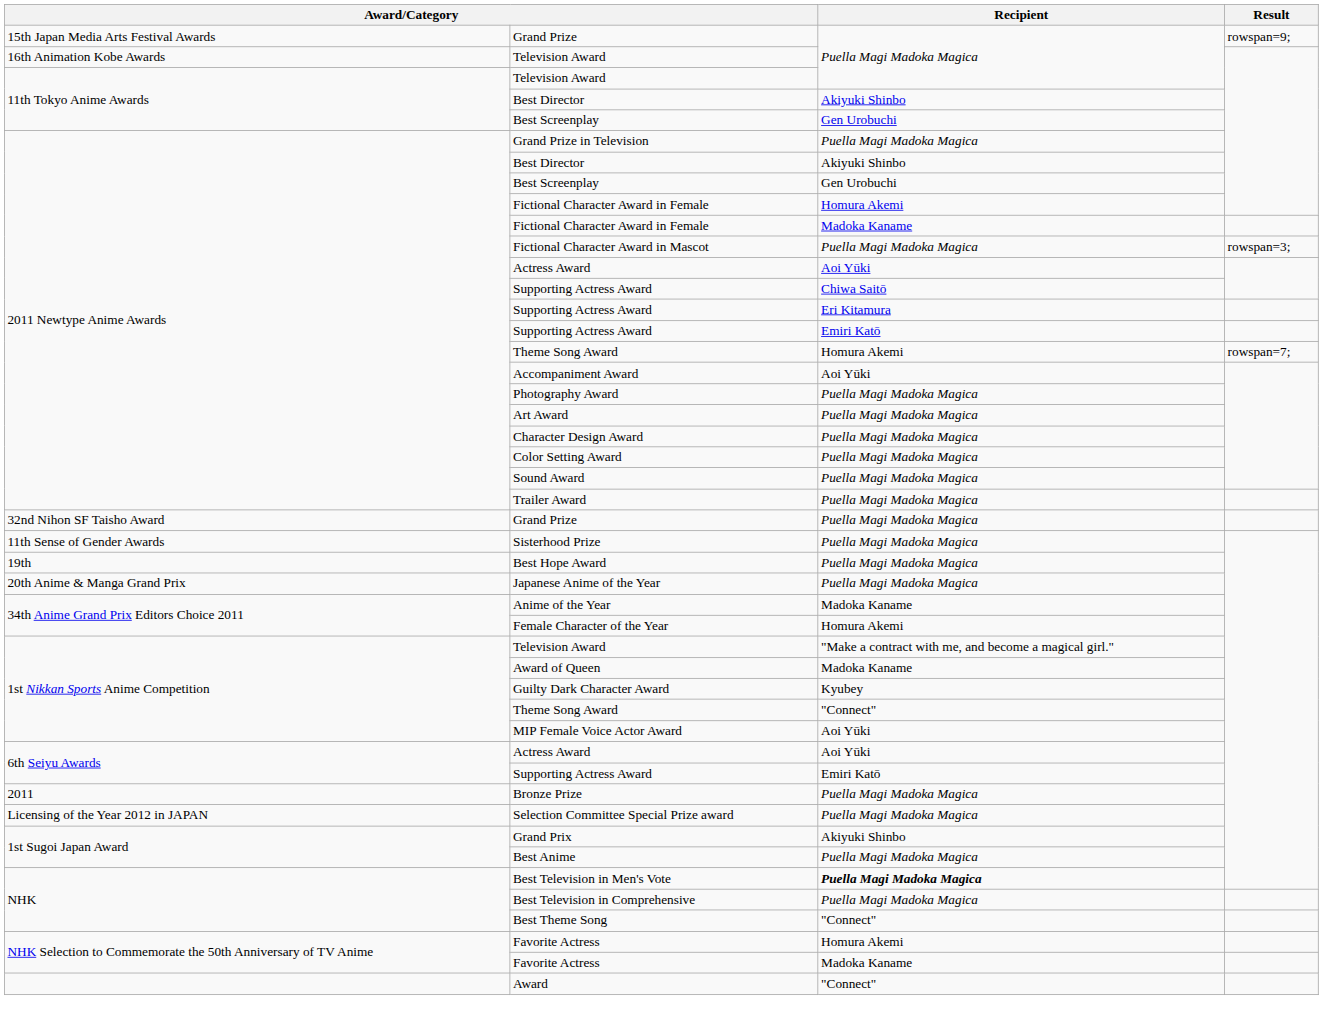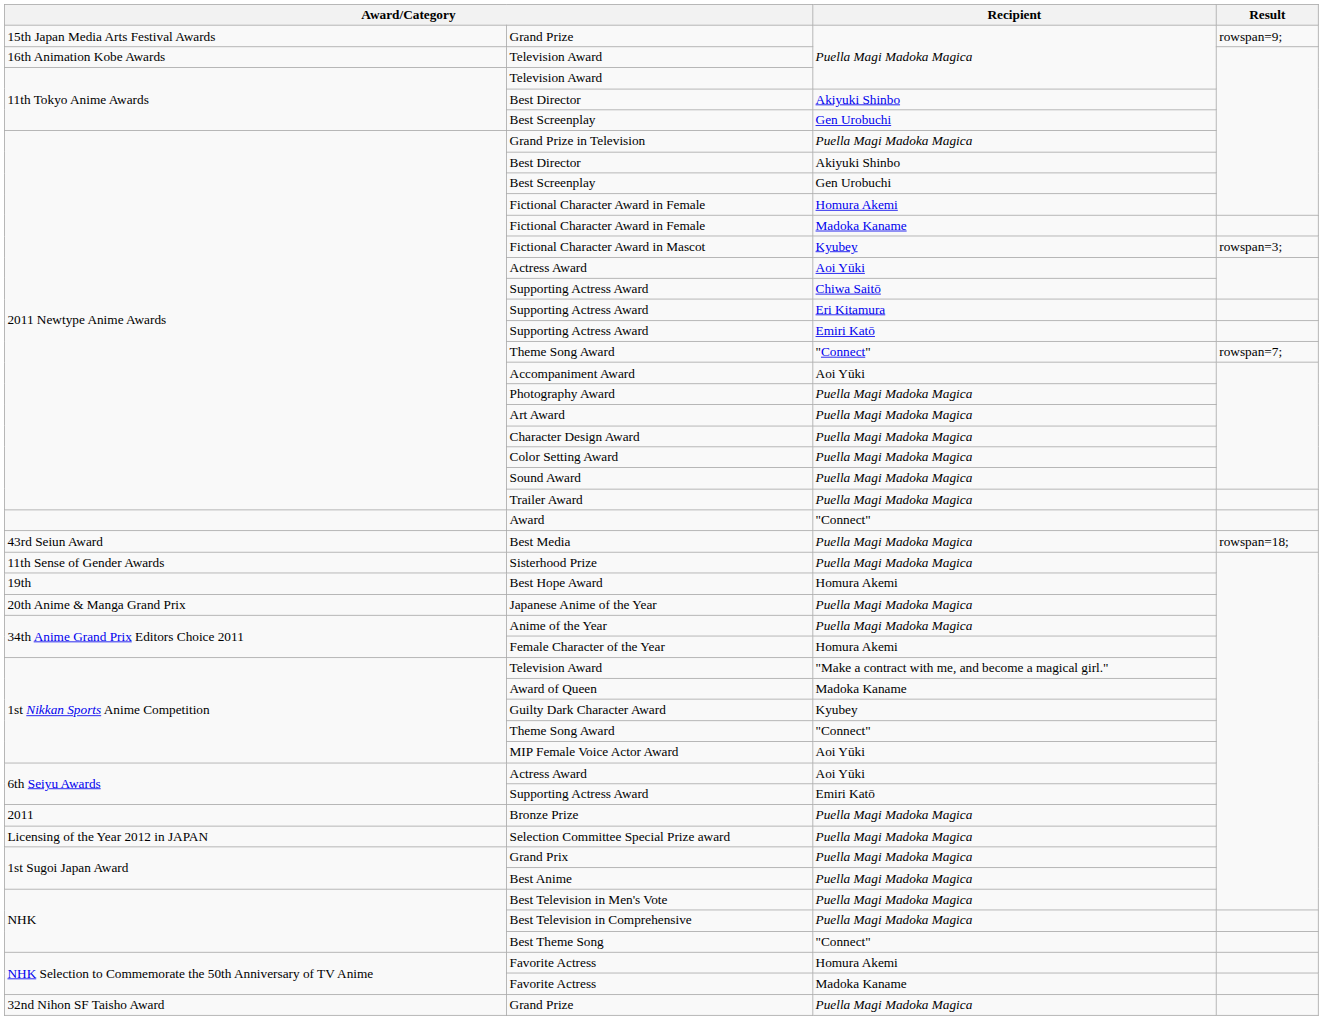 <table class="wikitable collapsible collapsed" style="width:100%;">
 <tr>
 <th colspan="2">Award/Category</th>
 <th>Recipient</th>
 <th>Result</th>
 </tr>
 <tr>
 <td>15th Japan Media Arts Festival Awards</td>
 <td>Grand Prize</td>
 <td rowspan=3;><em>Puella Magi Madoka Magica</em></td>
 <td>rowspan=9; </td>
 </tr>
 <tr>
 <td>16th Animation Kobe Awards</td>
 <td>Television Award</td>
 </tr>
 <tr>
 <td rowspan="3">11th Tokyo Anime Awards</td>
 <td>Television Award</td>
 </tr>
 <tr>
 <td>Best Director</td>
 <td><a href='#'>Akiyuki Shinbo</a></td>
 </tr>
 <tr>
 <td>Best Screenplay</td>
 <td><a href='#'>Gen Urobuchi</a></td>
 </tr>
 <tr>
 <td rowspan="18">2011 Newtype Anime Awards</td>
 <td>Grand Prize in Television</td>
 <td><em>Puella Magi Madoka Magica</em></td>
 </tr>
 <tr>
 <td>Best Director</td>
 <td>Akiyuki Shinbo</td>
 </tr>
 <tr>
 <td>Best Screenplay</td>
 <td>Gen Urobuchi</td>
 </tr>
 <tr>
 <td>Fictional Character Award in Female</td>
 <td><a href='#'>Homura Akemi</a></td>
 </tr>
 <tr>
 <td>Fictional Character Award in Female</td>
 <td><a href='#'>Madoka Kaname</a></td>
 <td></td>
 </tr>
 <tr>
 <td>Fictional Character Award in Mascot</td>
-<td><em>Puella Magi Madoka Magica</em></td>
+<td><a href='#'>Kyubey</a></td>
 <td>rowspan=3; </td>
 </tr>
 <tr>
 <td>Actress Award</td>
 <td><a href='#'>Aoi Yūki</a></td>
 </tr>
 <tr>
 <td>Supporting Actress Award</td>
 <td><a href='#'>Chiwa Saitō</a></td>
 </tr>
 <tr>
 <td>Supporting Actress Award</td>
 <td><a href='#'>Eri Kitamura</a></td>
 <td></td>
 </tr>
 <tr>
 <td>Supporting Actress Award</td>
 <td><a href='#'>Emiri Katō</a></td>
 <td></td>
 </tr>
 <tr>
 <td>Theme Song Award</td>
-<td>Homura Akemi</td>
+<td>"<a href='#'>Connect</a>"</td>
 <td>rowspan=7; </td>
 </tr>
 <tr>
 <td>Accompaniment Award</td>
 <td>Aoi Yūki</td>
 </tr>
 <tr>
 <td>Photography Award</td>
 <td><em>Puella Magi Madoka Magica</em></td>
 </tr>
 <tr>
 <td>Art Award</td>
 <td><em>Puella Magi Madoka Magica</em></td>
 </tr>
 <tr>
 <td>Character Design Award</td>
 <td><em>Puella Magi Madoka Magica</em></td>
 </tr>
 <tr>
 <td>Color Setting Award</td>
 <td><em>Puella Magi Madoka Magica</em></td>
 </tr>
 <tr>
 <td>Sound Award</td>
 <td><em>Puella Magi Madoka Magica</em></td>
 </tr>
 <tr>
 <td>Trailer Award</td>
 <td><em>Puella Magi Madoka Magica</em></td>
 <td></td>
 </tr>
 <tr>
-<td>32nd Nihon SF Taisho Award</td>
-<td>Grand Prize</td>
+<td></td>
+<td>Award</td>
+<td>"Connect"</td>
+<td></td>
+</tr>
+<tr>
+<td>43rd Seiun Award</td>
+<td>Best Media</td>
 <td><em>Puella Magi Madoka Magica</em></td>
-<td></td>
+<td>rowspan=18; </td>
 </tr>
 <tr>
 <td>11th Sense of Gender Awards</td>
 <td>Sisterhood Prize</td>
 <td><em>Puella Magi Madoka Magica</em></td>
 </tr>
 <tr>
 <td>19th </td>
 <td>Best Hope Award</td>
-<td><em>Puella Magi Madoka Magica</em></td>
+<td>Homura Akemi</td>
 </tr>
 <tr>
 <td>20th Anime & Manga Grand Prix</td>
 <td>Japanese Anime of the Year</td>
 <td><em>Puella Magi Madoka Magica</em></td>
 </tr>
 <tr>
 <td rowspan="2">34th <a href='#'>Anime Grand Prix</a> Editors Choice 2011</td>
 <td>Anime of the Year</td>
-<td>Madoka Kaname</td>
+<td><em>Puella Magi Madoka Magica</em></td>
 </tr>
 <tr>
 <td>Female Character of the Year</td>
 <td>Homura Akemi</td>
 </tr>
 <tr>
 <td rowspan="5">1st <em><a href='#'>Nikkan Sports</a></em> Anime Competition</td>
 <td>Television Award</td>
 <td>"Make a contract with me, and become a magical girl."</td>
 </tr>
 <tr>
 <td>Award of Queen</td>
 <td>Madoka Kaname</td>
 </tr>
 <tr>
 <td>Guilty Dark Character Award</td>
 <td>Kyubey</td>
 </tr>
 <tr>
 <td>Theme Song Award</td>
 <td>"Connect"</td>
 </tr>
 <tr>
 <td>MIP Female Voice Actor Award</td>
 <td>Aoi Yūki</td>
 </tr>
 <tr>
 <td rowspan="2">6th <a href='#'>Seiyu Awards</a></td>
 <td>Actress Award</td>
 <td>Aoi Yūki</td>
 </tr>
 <tr>
 <td>Supporting Actress Award</td>
 <td>Emiri Katō</td>
 </tr>
 <tr>
 <td>2011 </td>
 <td>Bronze Prize</td>
 <td><em>Puella Magi Madoka Magica</em></td>
 </tr>
 <tr>
 <td>Licensing of the Year 2012 in JAPAN</td>
 <td>Selection Committee Special Prize award</td>
 <td><em>Puella Magi Madoka Magica</em></td>
 </tr>
 <tr>
 <td rowspan="2">1st Sugoi Japan Award</td>
 <td>Grand Prix</td>
-<td>Akiyuki Shinbo</td>
+<td><em>Puella Magi Madoka Magica</em></td>
 </tr>
 <tr>
 <td>Best Anime</td>
 <td><em>Puella Magi Madoka Magica</em></td>
 </tr>
 <tr>
 <td rowspan="3">NHK </td>
 <td>Best Television in Men's Vote</td>
-<td><strong><em>Puella Magi Madoka Magica</em></strong></td>
+<td><em>Puella Magi Madoka Magica</em></td>
 </tr>
 <tr>
 <td>Best Television in Comprehensive</td>
 <td><em>Puella Magi Madoka Magica</em></td>
 <td></td>
 </tr>
 <tr>
 <td>Best Theme Song</td>
 <td>"Connect"</td>
 <td></td>
 </tr>
 <tr>
 <td rowspan="2"><a href='#'>NHK</a> Selection to Commemorate the 50th Anniversary of TV Anime</td>
 <td>Favorite Actress</td>
 <td>Homura Akemi</td>
 <td></td>
 </tr>
 <tr>
 <td>Favorite Actress</td>
 <td>Madoka Kaname</td>
 <td></td>
 </tr>
 <tr>
-<td></td>
-<td>Award</td>
-<td>"Connect"</td>
+<td>32nd Nihon SF Taisho Award</td>
+<td>Grand Prize</td>
+<td><em>Puella Magi Madoka Magica</em></td>
 <td></td>
 </tr>
 </table>
